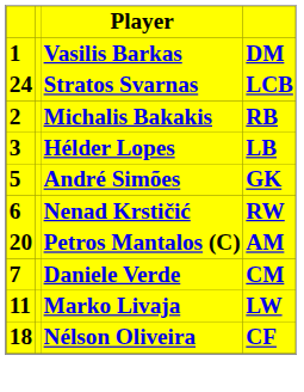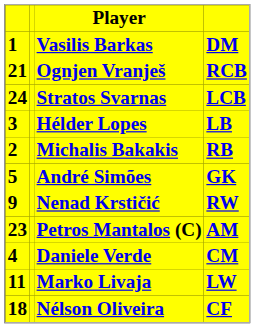 <table class="toccolours" border="0" cellpadding="2" cellspacing="0" align="center" style="margin: 0.5em 0 1em 1em; background: #000000; border: 1px #aaaaaa solid;">
 <tr bgcolor=#FFFF00>
 <th></th>
 <th></th>
 <th>Player</th>
 <th></th>
 </tr>
 <tr bgcolor=#FFFF00>
 <td><strong>1</strong></td>
 <td></td>
 <td><a href='#'><span><strong>Vasilis Barkas</strong></span></a></td>
 <td><a href='#'><strong>DM</strong></a></td>
 </tr>
 <tr bgcolor=#FFFF00>
+<td><strong>21</strong></td>
+<td></td>
+<td><a href='#'><span><strong>Ognjen Vranješ</strong></span></a></td>
+<td><a href='#'><strong>RCB</strong></a></td>
+</tr>
+<tr bgcolor=#FFFF00>
 <td><strong>24</strong></td>
 <td></td>
 <td><a href='#'><span><strong>Stratos Svarnas</strong></span></a></td>
 <td><a href='#'><strong>LCB</strong></a></td>
 </tr>
 <tr bgcolor=#FFFF00>
+<td><strong>3</strong></td>
+<td></td>
+<td><a href='#'><span><strong>Hélder Lopes</strong></span></a></td>
+<td><a href='#'><strong>LB</strong></a></td>
+</tr>
+<tr bgcolor=#FFFF00>
 <td><strong>2</strong></td>
 <td></td>
 <td><a href='#'><span><strong>Michalis Bakakis</strong></span></a></td>
 <td><a href='#'><strong>RB</strong></a></td>
-</tr>
-<tr bgcolor=#FFFF00>
-<td><strong>3</strong></td>
-<td></td>
-<td><a href='#'><span><strong>Hélder Lopes</strong></span></a></td>
-<td><a href='#'><strong>LB</strong></a></td>
 </tr>
 <tr>
 </tr>
 <tr bgcolor=#FFFF00>
 <td><strong>5</strong></td>
 <td></td>
 <td><a href='#'><span><strong>André Simões</strong></span></a></td>
 <td><a href='#'><strong>GK</strong></a></td>
 </tr>
 <tr bgcolor=#FFFF00>
-<td><strong>6</strong></td>
+<td><strong>9</strong></td>
 <td></td>
 <td><a href='#'><span><strong>Nenad Krstičić</strong></span></a></td>
 <td><a href='#'><strong>RW</strong></a></td>
 </tr>
 <tr bgcolor=#FFFF00>
-<td><strong>20</strong></td>
+<td><strong>23</strong></td>
 <td></td>
 <td><a href='#'><span><strong>Petros Mantalos</strong></span></a> <strong>(C)</strong></td>
 <td><a href='#'><strong>AM</strong></a></td>
 </tr>
 <tr bgcolor=#FFFF00>
-<td><strong>7</strong></td>
+<td><strong>4</strong></td>
 <td></td>
 <td><a href='#'><span><strong>Daniele Verde</strong></span></a></td>
 <td><a href='#'><strong>CM</strong></a></td>
 </tr>
 <tr bgcolor=#FFFF00>
 <td><strong>11</strong></td>
 <td></td>
 <td><a href='#'><span><strong>Marko Livaja</strong></span></a></td>
 <td><a href='#'><strong>LW</strong></a></td>
 </tr>
 <tr bgcolor=#FFFF00>
 <td><strong>18</strong></td>
 <td></td>
 <td><a href='#'><span><strong>Nélson Oliveira</strong></span></a></td>
 <td><a href='#'><strong>CF</strong></a></td>
 </tr>
 </table>
